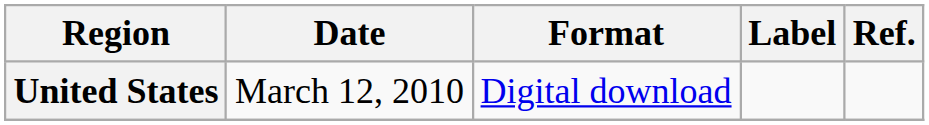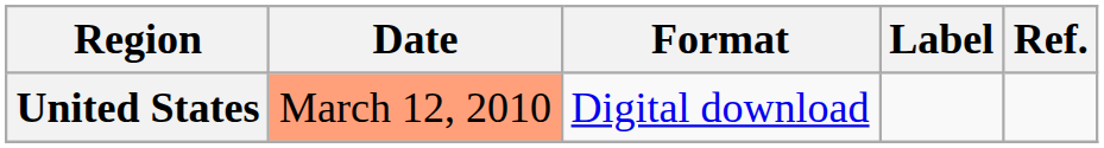 <table class="wikitable plainrowheaders">
 <tr>
 <th>Region</th>
 <th>Date</th>
 <th>Format</th>
 <th>Label</th>
 <th>Ref.</th>
 </tr>
 <tr>
 <th scope="row">United States</th>
-<td>March 12, 2010</td>
+<td style="background: lightsalmon;">March 12, 2010</td>
 <td><a href='#'>Digital download</a></td>
 <td></td>
 <td><br></td>
 </tr>
 <tr>
 </tr>
 </table>
